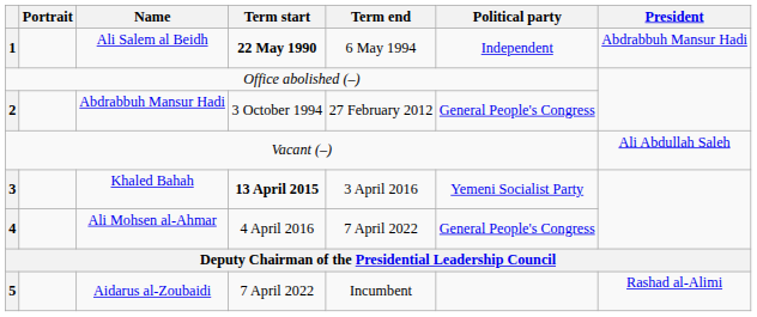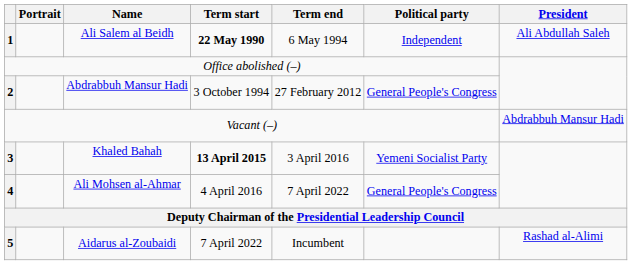 <table class="wikitable" style="text-align:center">
 <tr>
 <th></th>
 <th>Portrait</th>
 <th>Name<br></th>
 <th>Term start</th>
 <th>Term end</th>
 <th>Political party</th>
 <th><a href='#'>President</a><br></th>
 </tr>
 <tr>
 <th style="background:">1</th>
 <td></td>
 <td><a href='#'>Ali Salem al Beidh</a><br><br></td>
 <td><strong>22 May 1990</strong></td>
 <td>6 May 1994</td>
 <td><a href='#'>Independent</a></td>
-<td style="background:"><a href='#'>Abdrabbuh Mansur Hadi</a><br><br></td>
+<td style="background:"><a href='#'>Ali Abdullah Saleh</a><br><br></td>
 </tr>
 <tr>
 <td colspan="6"><em>Office abolished (–)</em></td>
 </tr>
 <tr>
 <th style="background:">2</th>
 <td></td>
 <td><a href='#'>Abdrabbuh Mansur Hadi</a><br><br></td>
 <td>3 October 1994</td>
 <td>27 February 2012</td>
 <td><a href='#'>General People's Congress</a></td>
 </tr>
 <tr>
 <td colspan="6"><em>Vacant (–)</em></td>
-<td style="background:"><a href='#'>Ali Abdullah Saleh</a><br><br></td>
+<td style="background:"><a href='#'>Abdrabbuh Mansur Hadi</a><br><br></td>
 </tr>
 <tr>
 <th style="background:">3</th>
 <td></td>
 <td><a href='#'>Khaled Bahah</a><br><br></td>
 <td><strong>13 April 2015</strong></td>
 <td>3 April 2016</td>
 <td><a href='#'>Yemeni Socialist Party</a></td>
 </tr>
 <tr>
 <th style="background:">4</th>
 <td></td>
 <td><a href='#'>Ali Mohsen al-Ahmar</a><br><br></td>
 <td>4 April 2016</td>
 <td>7 April 2022</td>
 <td><a href='#'>General People's Congress</a></td>
 </tr>
 <tr>
 <th colspan="7">Deputy Chairman of the <a href='#'>Presidential Leadership Council</a></th>
 </tr>
 <tr>
 <th style="background:; color:black;">5</th>
 <td></td>
 <td><a href='#'>Aidarus al-Zoubaidi</a></td>
 <td>7 April 2022</td>
 <td>Incumbent</td>
 <td></td>
 <td style="background:"><a href='#'>Rashad al-Alimi</a><br><br></td>
 </tr>
 </table>
